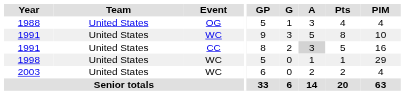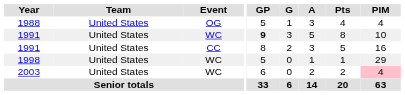 <table border="0" cellpadding="1" cellspacing="0" ID="Table3" style="text-align:center; width:40em">
 <tr ALIGN="center" bgcolor="#e0e0e0">
 <th>Year</th>
 <th>Team</th>
 <th>Event</th>
 <th rowspan="99" bgcolor="#ffffff"></th>
 <th>GP</th>
 <th>G</th>
 <th>A</th>
 <th>Pts</th>
 <th>PIM</th>
 </tr>
 <tr>
 <td><a href='#'>1988</a></td>
 <td><a href='#'>United States</a></td>
 <td><a href='#'>OG</a></td>
 <td>5</td>
 <td>1</td>
 <td>3</td>
 <td>4</td>
 <td>4</td>
 </tr>
 <tr bgcolor="#f0f0f0">
 <td><a href='#'>1991</a></td>
 <td>United States</td>
 <td><a href='#'>WC</a></td>
-<td>9</td>
+<td><strong>9</strong></td>
 <td>3</td>
 <td>5</td>
 <td>8</td>
 <td>10</td>
 </tr>
 <tr>
 <td><a href='#'>1991</a></td>
 <td>United States</td>
 <td><a href='#'>CC</a></td>
 <td>8</td>
 <td>2</td>
-<td style="background: lightgrey;">3</td>
+<td>3</td>
 <td>5</td>
 <td>16</td>
 </tr>
 <tr bgcolor="#f0f0f0">
 <td><a href='#'>1998</a></td>
 <td>United States</td>
 <td>WC</td>
 <td>5</td>
 <td>0</td>
 <td>1</td>
 <td>1</td>
 <td>29</td>
 </tr>
 <tr>
 <td><a href='#'>2003</a></td>
 <td>United States</td>
 <td>WC</td>
 <td>6</td>
 <td>0</td>
 <td>2</td>
 <td>2</td>
-<td>4</td>
+<td style="background: pink;">4</td>
 </tr>
 <tr bgcolor="#e0e0e0">
 <th colspan=3>Senior totals</th>
 <th>33</th>
 <th>6</th>
 <th>14</th>
 <th>20</th>
 <th>63</th>
 </tr>
 </table>
